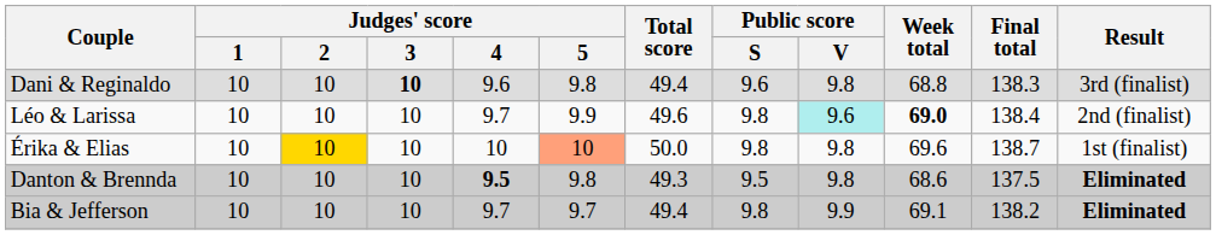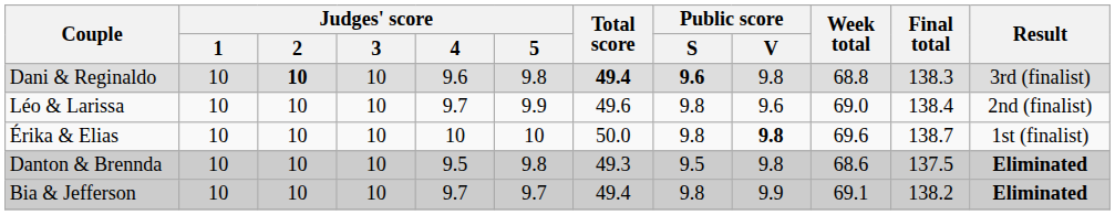 <table class="wikitable" style="font-size:100%; line-height:16px; text-align:center" width="100%">
 <tr>
 <th rowspan=2 width="11.0%">Couple</th>
 <th colspan=5 width="25.0%">Judges' score</th>
 <th rowspan=2 width="05.0%">Total score</th>
 <th colspan=2 width="10.0%">Public score</th>
 <th rowspan=2 width="05.0%">Week<br>total</th>
 <th rowspan=2 width="05.0%">Final<br>total</th>
 <th rowspan=2 width="07.5%">Result</th>
 </tr>
 <tr>
 <th width="05.0%">1</th>
 <th width="05.0%">2</th>
 <th width="05.0%">3</th>
 <th width="05.0%">4</th>
 <th width="05.0%">5</th>
 <th width="05.0%">S</th>
 <th width="05.0%">V</th>
 </tr>
 <tr bgcolor=DDDDDD>
 <td align="left">Dani & Reginaldo</td>
 <td>10</td>
+<td><strong>10</strong></td>
 <td>10</td>
-<td><strong>10</strong></td>
 <td>9.6</td>
 <td>9.8</td>
-<td>49.4</td>
-<td>9.6</td>
+<td><strong>49.4</strong></td>
+<td><strong>9.6</strong></td>
 <td>9.8</td>
 <td>68.8</td>
 <td>138.3</td>
 <td>3rd (finalist)</td>
 </tr>
 <tr>
 <td align="left">Léo & Larissa</td>
 <td>10</td>
 <td>10</td>
 <td>10</td>
 <td>9.7</td>
 <td>9.9</td>
 <td>49.6</td>
 <td>9.8</td>
-<td style="background: paleturquoise;">9.6</td>
-<td><strong>69.0</strong></td>
+<td>9.6</td>
+<td>69.0</td>
 <td>138.4</td>
 <td>2nd (finalist)</td>
 </tr>
 <tr>
 <td align="left">Érika & Elias</td>
 <td>10</td>
-<td style="background: gold;">10</td>
 <td>10</td>
 <td>10</td>
-<td style="background: lightsalmon;">10</td>
+<td>10</td>
+<td>10</td>
 <td>50.0</td>
 <td>9.8</td>
-<td>9.8</td>
+<td><strong>9.8</strong></td>
 <td>69.6</td>
 <td>138.7</td>
 <td>1st (finalist)</td>
 </tr>
 <tr bgcolor=CCCCCC>
 <td align="left">Danton & Brennda</td>
 <td>10</td>
 <td>10</td>
 <td>10</td>
-<td><strong>9.5</strong></td>
+<td>9.5</td>
 <td>9.8</td>
 <td>49.3</td>
 <td>9.5</td>
 <td>9.8</td>
 <td>68.6</td>
 <td>137.5</td>
 <td><strong>Eliminated</strong></td>
 </tr>
 <tr bgcolor=CCCCCC>
 <td align="left">Bia & Jefferson</td>
 <td>10</td>
 <td>10</td>
 <td>10</td>
 <td>9.7</td>
 <td>9.7</td>
 <td>49.4</td>
 <td>9.8</td>
 <td>9.9</td>
 <td>69.1</td>
 <td>138.2</td>
 <td><strong>Eliminated</strong></td>
 </tr>
 <tr>
 </tr>
 </table>
